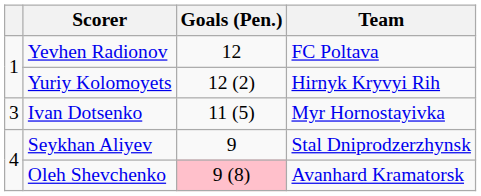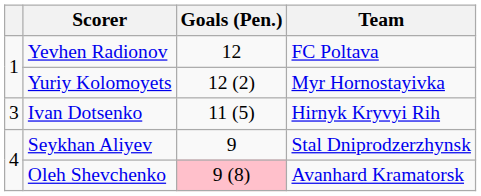 <table class="wikitable" style="float:left; margin-right:1em">
 <tr>
 <th></th>
 <th>Scorer</th>
 <th>Goals (Pen.)</th>
 <th>Team</th>
 </tr>
 <tr>
 <td rowspan="2">1</td>
 <td> <a href='#'>Yevhen Radionov</a></td>
 <td align=center>12</td>
 <td><a href='#'>FC Poltava</a></td>
 </tr>
 <tr>
 <td> <a href='#'>Yuriy Kolomoyets</a></td>
 <td align=center>12 (2)</td>
-<td><a href='#'>Hirnyk Kryvyi Rih</a></td>
+<td><a href='#'>Myr Hornostayivka</a></td>
 </tr>
 <tr>
 <td>3</td>
 <td> <a href='#'>Ivan Dotsenko</a></td>
 <td align=center>11 (5)</td>
-<td><a href='#'>Myr Hornostayivka</a></td>
+<td><a href='#'>Hirnyk Kryvyi Rih</a></td>
 </tr>
 <tr>
 <td rowspan="2">4</td>
 <td> <a href='#'>Seykhan Aliyev</a></td>
 <td align=center>9</td>
 <td><a href='#'>Stal Dniprodzerzhynsk</a></td>
 </tr>
 <tr>
 <td> <a href='#'>Oleh Shevchenko</a></td>
 <td align=center style="background: pink;">9 (8)</td>
 <td><a href='#'>Avanhard Kramatorsk</a></td>
 </tr>
 </table>
